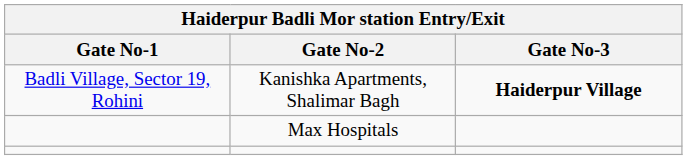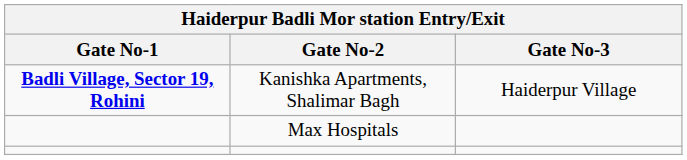 <table class="wikitable" style="text-align: center;" width="65%">
 <tr>
 <th colspan="5" style="background:#"><span>Haiderpur Badli Mor station Entry/Exit</span></th>
 </tr>
 <tr>
 <th style="width:15%;">Gate No-1</th>
 <th style="width:15%;">Gate No-2 </th>
 <th style="width:15%;">Gate No-3</th>
 </tr>
 <tr>
-<td><a href='#'>Badli Village, Sector 19, Rohini</a></td>
+<td><strong><a href='#'>Badli Village, Sector 19, Rohini</a></strong></td>
 <td>Kanishka Apartments, Shalimar Bagh</td>
-<td><strong>Haiderpur Village</strong></td>
+<td>Haiderpur Village</td>
 </tr>
 <tr>
 <td></td>
 <td>Max Hospitals</td>
 <td></td>
 </tr>
 <tr>
 <td></td>
 <td></td>
 <td></td>
 </tr>
 </table>
